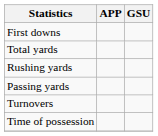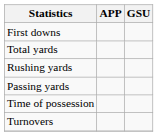 <table class="wikitable" style="float: left;">
 <tr>
 <th>Statistics</th>
 <th>APP</th>
 <th>GSU</th>
 </tr>
 <tr>
 <td>First downs</td>
 <td></td>
 <td></td>
 </tr>
 <tr>
 <td>Total yards</td>
 <td></td>
 <td></td>
 </tr>
 <tr>
 <td>Rushing yards</td>
 <td></td>
 <td></td>
 </tr>
 <tr>
 <td>Passing yards</td>
 <td></td>
 <td></td>
 </tr>
 <tr>
-<td>Turnovers</td>
+<td>Time of possession</td>
 <td></td>
 <td></td>
 </tr>
 <tr>
-<td>Time of possession</td>
+<td>Turnovers</td>
 <td></td>
 <td></td>
 </tr>
 <tr>
 </tr>
 </table>
